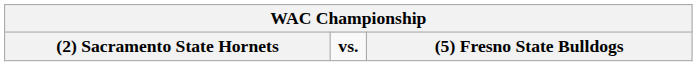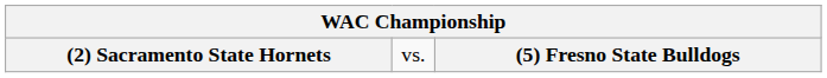 <table class="wikitable">
 <tr>
 <th style="width: 604px;" colspan=3>WAC Championship</th>
 </tr>
 <tr>
 <th style="width: 289px; ">(2) Sacramento State Hornets</th>
-<td style="width: 25px; text-align:center"><strong>vs.</strong></td>
+<td style="width: 25px; text-align:center">vs.</td>
 <th style="width: 289px; ">(5) Fresno State Bulldogs</th>
 </tr>
 </table>
